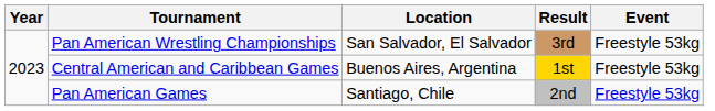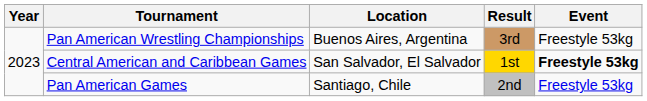 <table class="wikitable" style="font-size:95%;">
 <tr>
 <th>Year</th>
 <th>Tournament</th>
 <th>Location</th>
 <th>Result</th>
 <th>Event</th>
 </tr>
 <tr>
 <td rowspan=3>2023</td>
 <td><a href='#'>Pan American Wrestling Championships</a></td>
-<td>San Salvador, El Salvador</td>
+<td>Buenos Aires, Argentina</td>
 <td align="center" bgcolor="cc9966">3rd</td>
 <td>Freestyle 53kg</td>
 </tr>
 <tr>
 <td><a href='#'>Central American and Caribbean Games</a></td>
-<td>Buenos Aires, Argentina</td>
+<td>San Salvador, El Salvador</td>
 <td align="center" bgcolor="gold">1st</td>
-<td>Freestyle 53kg</td>
+<td><strong>Freestyle 53kg</strong></td>
 </tr>
 <tr>
 <td><a href='#'>Pan American Games</a></td>
 <td>Santiago, Chile</td>
 <td align="center" bgcolor="silver">2nd</td>
 <td><a href='#'>Freestyle 53kg</a></td>
 </tr>
 </table>
